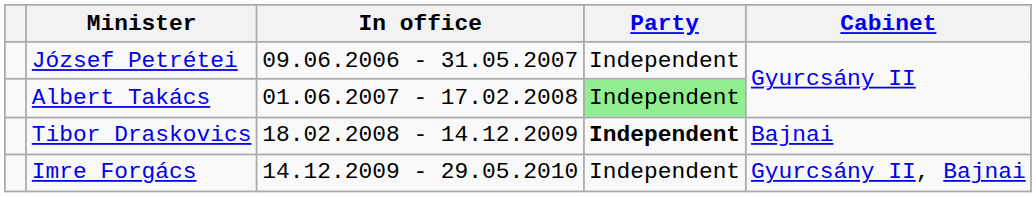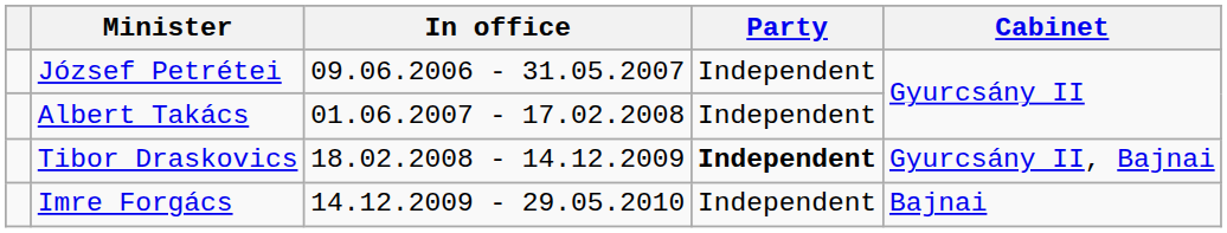 <table class="wikitable">
 <tr>
 <th class="unsortable" width=6px></th>
 <th>Minister</th>
 <th>In office</th>
 <th><a href='#'>Party</a></th>
 <th><a href='#'>Cabinet</a></th>
 </tr>
 <tr>
 <td ! style="background:"></td>
 <td><a href='#'>József Petrétei</a></td>
 <td>09.06.2006 - 31.05.2007</td>
 <td>Independent</td>
 <td rowspan="2"><a href='#'>Gyurcsány II</a></td>
 </tr>
 <tr>
 <td ! style="background:"></td>
 <td><a href='#'>Albert Takács</a></td>
 <td>01.06.2007 - 17.02.2008</td>
-<td style="background: lightgreen;">Independent</td>
+<td>Independent</td>
 </tr>
 <tr>
 <td ! style="background:"></td>
 <td><a href='#'>Tibor Draskovics</a></td>
 <td>18.02.2008 - 14.12.2009</td>
 <td><strong>Independent</strong></td>
-<td><a href='#'>Bajnai</a></td>
+<td><a href='#'>Gyurcsány II</a>, <a href='#'>Bajnai</a></td>
 </tr>
 <tr>
 <td ! style="background:"></td>
 <td><a href='#'>Imre Forgács</a></td>
 <td>14.12.2009 - 29.05.2010</td>
 <td>Independent</td>
-<td><a href='#'>Gyurcsány II</a>, <a href='#'>Bajnai</a></td>
+<td><a href='#'>Bajnai</a></td>
 </tr>
 </table>
